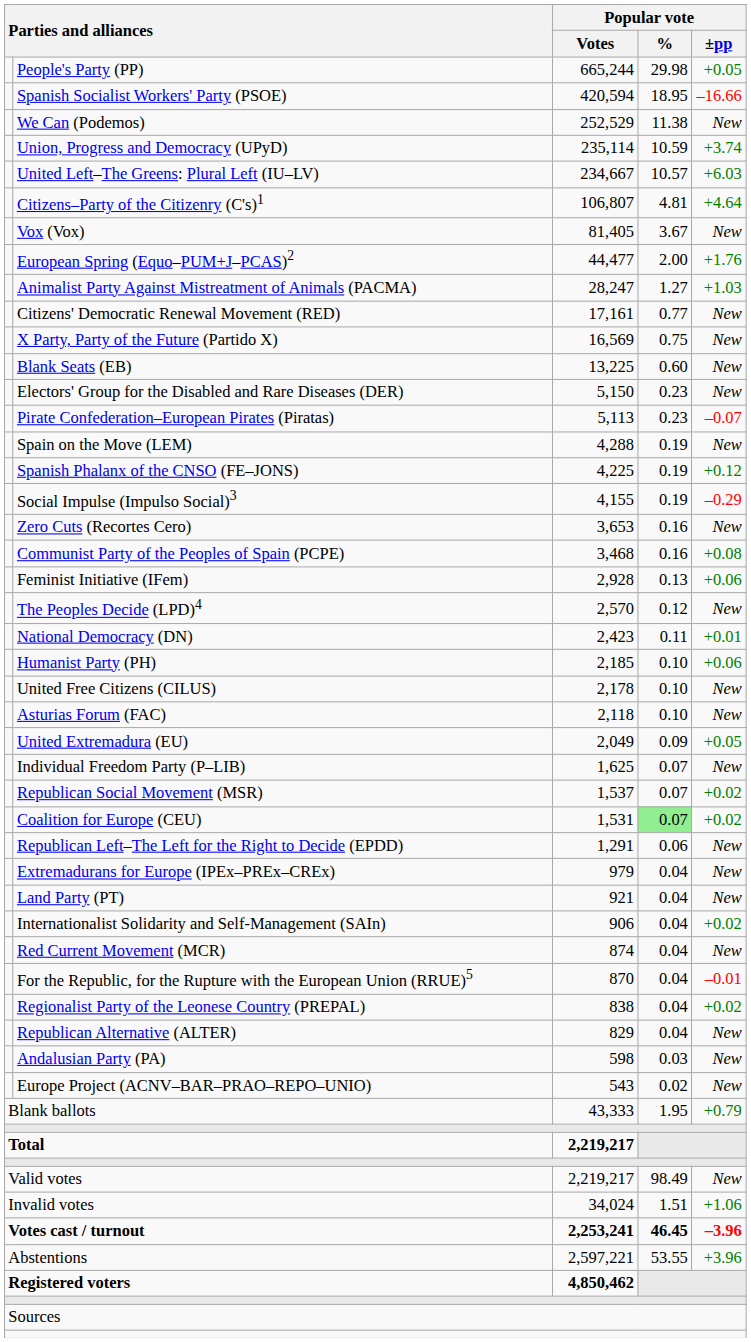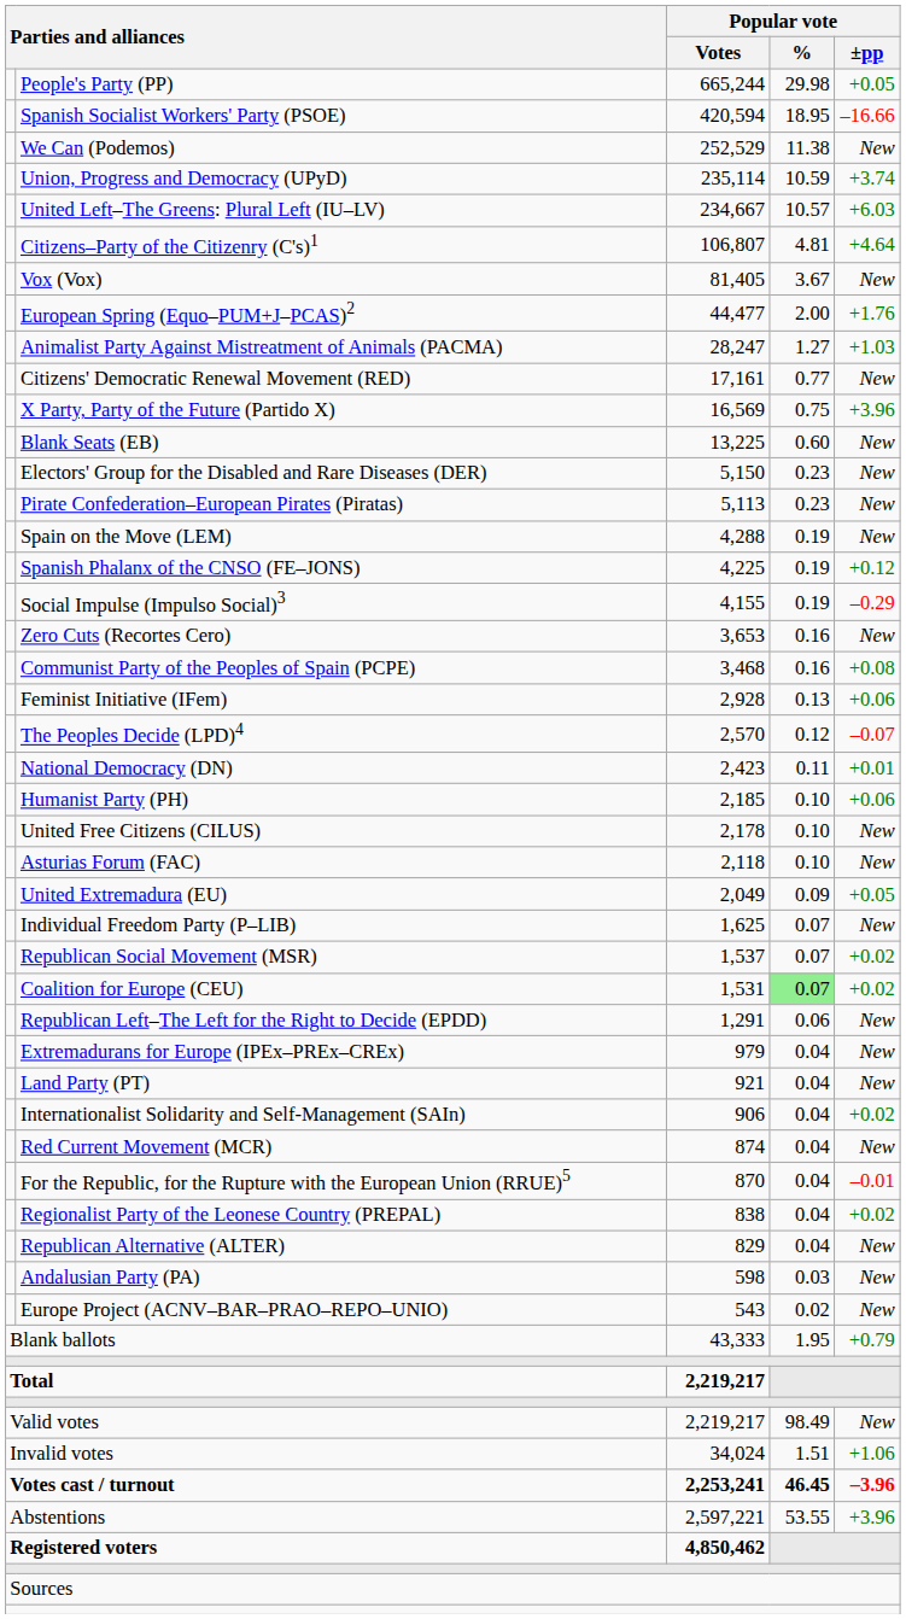 <table class="wikitable" style="text-align:right">
 <tr>
 <th style="text-align:left;" rowspan="2" colspan="2" width="525">Parties and alliances</th>
 <th colspan="3">Popular vote</th>
 </tr>
 <tr>
 <th width="75">Votes</th>
 <th width="45">%</th>
 <th width="45">±<a href='#'>pp</a></th>
 </tr>
 <tr>
 <td width="1" style="color:inherit;background:"></td>
 <td align="left"><a href='#'>People's Party</a> (PP)</td>
 <td>665,244</td>
 <td>29.98</td>
 <td style="color:green;">+0.05</td>
 </tr>
 <tr>
 <td style="color:inherit;background:"></td>
 <td align="left"><a href='#'>Spanish Socialist Workers' Party</a> (PSOE)</td>
 <td>420,594</td>
 <td>18.95</td>
 <td style="color:red;">–16.66</td>
 </tr>
 <tr>
 <td style="color:inherit;background:"></td>
 <td align="left"><a href='#'>We Can</a> (Podemos)</td>
 <td>252,529</td>
 <td>11.38</td>
 <td><em>New</em></td>
 </tr>
 <tr>
 <td style="color:inherit;background:"></td>
 <td align="left"><a href='#'>Union, Progress and Democracy</a> (UPyD)</td>
 <td>235,114</td>
 <td>10.59</td>
 <td style="color:green;">+3.74</td>
 </tr>
 <tr>
 <td style="color:inherit;background:"></td>
 <td align="left"><a href='#'>United Left</a>–<a href='#'>The Greens</a>: <a href='#'>Plural Left</a> (IU–LV)</td>
 <td>234,667</td>
 <td>10.57</td>
 <td style="color:green;">+6.03</td>
 </tr>
 <tr>
 <td style="color:inherit;background:"></td>
 <td align="left"><a href='#'>Citizens–Party of the Citizenry</a> (C's)<sup>1</sup></td>
 <td>106,807</td>
 <td>4.81</td>
 <td style="color:green;">+4.64</td>
 </tr>
 <tr>
 <td style="color:inherit;background:"></td>
 <td align="left"><a href='#'>Vox</a> (Vox)</td>
 <td>81,405</td>
 <td>3.67</td>
 <td><em>New</em></td>
 </tr>
 <tr>
 <td style="color:inherit;background:"></td>
 <td align="left"><a href='#'>European Spring</a> (<a href='#'>Equo</a>–<a href='#'>PUM+J</a>–<a href='#'>PCAS</a>)<sup>2</sup></td>
 <td>44,477</td>
 <td>2.00</td>
 <td style="color:green;">+1.76</td>
 </tr>
 <tr>
 <td style="color:inherit;background:"></td>
 <td align="left"><a href='#'>Animalist Party Against Mistreatment of Animals</a> (PACMA)</td>
 <td>28,247</td>
 <td>1.27</td>
 <td style="color:green;">+1.03</td>
 </tr>
 <tr>
 <td style="color:inherit;background:"></td>
 <td align="left">Citizens' Democratic Renewal Movement (RED)</td>
 <td>17,161</td>
 <td>0.77</td>
 <td><em>New</em></td>
 </tr>
 <tr>
 <td style="color:inherit;background:"></td>
 <td align="left"><a href='#'>X Party, Party of the Future</a> (Partido X)</td>
 <td>16,569</td>
 <td>0.75</td>
-<td><em>New</em></td>
+<td style="color:green;">+3.96</td>
 </tr>
 <tr>
 <td style="color:inherit;background:"></td>
 <td align="left"><a href='#'>Blank Seats</a> (EB)</td>
 <td>13,225</td>
 <td>0.60</td>
 <td><em>New</em></td>
 </tr>
 <tr>
 <td style="color:inherit;background:"></td>
 <td align="left">Electors' Group for the Disabled and Rare Diseases (DER)</td>
 <td>5,150</td>
 <td>0.23</td>
 <td><em>New</em></td>
 </tr>
 <tr>
 <td style="color:inherit;background:"></td>
 <td align="left"><a href='#'>Pirate Confederation–European Pirates</a> (Piratas)</td>
 <td>5,113</td>
 <td>0.23</td>
-<td style="color:red;">–0.07</td>
+<td><em>New</em></td>
 </tr>
 <tr>
 <td style="color:inherit;background:"></td>
 <td align="left">Spain on the Move (LEM)</td>
 <td>4,288</td>
 <td>0.19</td>
 <td><em>New</em></td>
 </tr>
 <tr>
 <td style="color:inherit;background:"></td>
 <td align="left"><a href='#'>Spanish Phalanx of the CNSO</a> (FE–JONS)</td>
 <td>4,225</td>
 <td>0.19</td>
 <td style="color:green;">+0.12</td>
 </tr>
 <tr>
 <td style="color:inherit;background:"></td>
 <td align="left">Social Impulse (Impulso Social)<sup>3</sup></td>
 <td>4,155</td>
 <td>0.19</td>
 <td style="color:red;">–0.29</td>
 </tr>
 <tr>
 <td style="color:inherit;background:"></td>
 <td align="left"><a href='#'>Zero Cuts</a> (Recortes Cero)</td>
 <td>3,653</td>
 <td>0.16</td>
 <td><em>New</em></td>
 </tr>
 <tr>
 <td style="color:inherit;background:"></td>
 <td align="left"><a href='#'>Communist Party of the Peoples of Spain</a> (PCPE)</td>
 <td>3,468</td>
 <td>0.16</td>
 <td style="color:green;">+0.08</td>
 </tr>
 <tr>
 <td style="color:inherit;background:"></td>
 <td align="left">Feminist Initiative (IFem)</td>
 <td>2,928</td>
 <td>0.13</td>
 <td style="color:green;">+0.06</td>
 </tr>
 <tr>
 <td style="color:inherit;background:"></td>
 <td align="left"><a href='#'>The Peoples Decide</a> (LPD)<sup>4</sup></td>
 <td>2,570</td>
 <td>0.12</td>
-<td><em>New</em></td>
+<td style="color:red;">–0.07</td>
 </tr>
 <tr>
 <td style="color:inherit;background:"></td>
 <td align="left"><a href='#'>National Democracy</a> (DN)</td>
 <td>2,423</td>
 <td>0.11</td>
 <td style="color:green;">+0.01</td>
 </tr>
 <tr>
 <td style="color:inherit;background:"></td>
 <td align="left"><a href='#'>Humanist Party</a> (PH)</td>
 <td>2,185</td>
 <td>0.10</td>
 <td style="color:green;">+0.06</td>
 </tr>
 <tr>
 <td style="color:inherit;background:"></td>
 <td align="left">United Free Citizens (CILUS)</td>
 <td>2,178</td>
 <td>0.10</td>
 <td><em>New</em></td>
 </tr>
 <tr>
 <td style="color:inherit;background:"></td>
 <td align="left"><a href='#'>Asturias Forum</a> (FAC)</td>
 <td>2,118</td>
 <td>0.10</td>
 <td><em>New</em></td>
 </tr>
 <tr>
 <td style="color:inherit;background:"></td>
 <td align="left"><a href='#'>United Extremadura</a> (EU)</td>
 <td>2,049</td>
 <td>0.09</td>
 <td style="color:green;">+0.05</td>
 </tr>
 <tr>
 <td style="color:inherit;background:"></td>
 <td align="left">Individual Freedom Party (P–LIB)</td>
 <td>1,625</td>
 <td>0.07</td>
 <td><em>New</em></td>
 </tr>
 <tr>
 <td style="color:inherit;background:"></td>
 <td align="left"><a href='#'>Republican Social Movement</a> (MSR)</td>
 <td>1,537</td>
 <td>0.07</td>
 <td style="color:green;">+0.02</td>
 </tr>
 <tr>
 <td style="color:inherit;background:"></td>
 <td align="left"><a href='#'>Coalition for Europe</a> (CEU)</td>
 <td>1,531</td>
 <td style="background: lightgreen;">0.07</td>
 <td style="color:green;">+0.02</td>
 </tr>
 <tr>
 <td style="color:inherit;background:"></td>
 <td align="left"><a href='#'>Republican Left</a>–<a href='#'>The Left for the Right to Decide</a> (EPDD)</td>
 <td>1,291</td>
 <td>0.06</td>
 <td><em>New</em></td>
 </tr>
 <tr>
 <td style="color:inherit;background:"></td>
 <td align="left"><a href='#'>Extremadurans for Europe</a> (IPEx–PREx–CREx)</td>
 <td>979</td>
 <td>0.04</td>
 <td><em>New</em></td>
 </tr>
 <tr>
 <td style="color:inherit;background:"></td>
 <td align="left"><a href='#'>Land Party</a> (PT)</td>
 <td>921</td>
 <td>0.04</td>
 <td><em>New</em></td>
 </tr>
 <tr>
 <td style="color:inherit;background:"></td>
 <td align="left">Internationalist Solidarity and Self-Management (SAIn)</td>
 <td>906</td>
 <td>0.04</td>
 <td style="color:green;">+0.02</td>
 </tr>
 <tr>
 <td style="color:inherit;background:"></td>
 <td align="left"><a href='#'>Red Current Movement</a> (MCR)</td>
 <td>874</td>
 <td>0.04</td>
 <td><em>New</em></td>
 </tr>
 <tr>
 <td style="color:inherit;background:"></td>
 <td align="left">For the Republic, for the Rupture with the European Union (RRUE)<sup>5</sup></td>
 <td>870</td>
 <td>0.04</td>
 <td style="color:red;">–0.01</td>
 </tr>
 <tr>
 <td style="color:inherit;background:"></td>
 <td align="left"><a href='#'>Regionalist Party of the Leonese Country</a> (PREPAL)</td>
 <td>838</td>
 <td>0.04</td>
 <td style="color:green;">+0.02</td>
 </tr>
 <tr>
 <td style="color:inherit;background:"></td>
 <td align="left"><a href='#'>Republican Alternative</a> (ALTER)</td>
 <td>829</td>
 <td>0.04</td>
 <td><em>New</em></td>
 </tr>
 <tr>
 <td style="color:inherit;background:"></td>
 <td align="left"><a href='#'>Andalusian Party</a> (PA)</td>
 <td>598</td>
 <td>0.03</td>
 <td><em>New</em></td>
 </tr>
 <tr>
 <td style="color:inherit;background:"></td>
 <td align="left">Europe Project (ACNV–BAR–PRAO–REPO–UNIO)</td>
 <td>543</td>
 <td>0.02</td>
 <td><em>New</em></td>
 </tr>
 <tr>
 <td align="left" colspan="2">Blank ballots</td>
 <td>43,333</td>
 <td>1.95</td>
 <td style="color:green;">+0.79</td>
 </tr>
 <tr>
 <td colspan="5" bgcolor="#E9E9E9"></td>
 </tr>
 <tr style="font-weight:bold;">
 <td align="left" colspan="2">Total</td>
 <td>2,219,217</td>
 <td bgcolor="#E9E9E9" colspan="2"></td>
 </tr>
 <tr>
 <td colspan="5" bgcolor="#E9E9E9"></td>
 </tr>
 <tr>
 <td align="left" colspan="2">Valid votes</td>
 <td>2,219,217</td>
 <td>98.49</td>
 <td><em>New</em></td>
 </tr>
 <tr>
 <td align="left" colspan="2">Invalid votes</td>
 <td>34,024</td>
 <td>1.51</td>
 <td style="color:green;">+1.06</td>
 </tr>
 <tr style="font-weight:bold;">
 <td align="left" colspan="2">Votes cast / turnout</td>
 <td>2,253,241</td>
 <td>46.45</td>
 <td style="color:red;">–3.96</td>
 </tr>
 <tr>
 <td align="left" colspan="2">Abstentions</td>
 <td>2,597,221</td>
 <td>53.55</td>
 <td style="color:green;">+3.96</td>
 </tr>
 <tr style="font-weight:bold;">
 <td align="left" colspan="2">Registered voters</td>
 <td>4,850,462</td>
 <td bgcolor="#E9E9E9" colspan="2"></td>
 </tr>
 <tr>
 <td colspan="5" bgcolor="#E9E9E9"></td>
 </tr>
 <tr>
 <td align="left" colspan="5">Sources</td>
 </tr>
 <tr>
 <td colspan="5" style="text-align:left; max-width:680px;"></td>
 </tr>
 </table>
